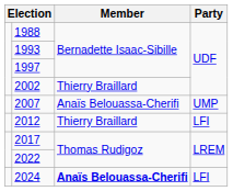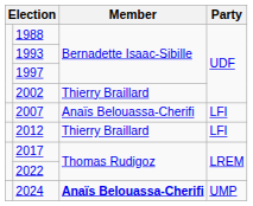 <table class="wikitable">
 <tr>
 <th colspan=2>Election</th>
 <th>Member</th>
 <th>Party</th>
 </tr>
 <tr>
 <td rowspan="4" style="background-color: "></td>
 <td><a href='#'>1988</a></td>
 <td rowspan="3"><a href='#'>Bernadette Isaac-Sibille</a></td>
 <td rowspan="4"><a href='#'>UDF</a></td>
 </tr>
 <tr>
 <td><a href='#'>1993</a></td>
 </tr>
 <tr>
 <td><a href='#'>1997</a></td>
 </tr>
 <tr>
 <td><a href='#'>2002</a></td>
 <td><a href='#'>Thierry Braillard</a></td>
 </tr>
 <tr>
 <td style="background-color: "></td>
 <td><a href='#'>2007</a></td>
 <td><a href='#'>Anaïs Belouassa-Cherifi</a></td>
-<td><a href='#'>UMP</a></td>
+<td><a href='#'>LFI</a></td>
 </tr>
 <tr>
 <td style="background-color: "></td>
 <td><a href='#'>2012</a></td>
 <td><a href='#'>Thierry Braillard</a></td>
 <td><a href='#'>LFI</a></td>
 </tr>
 <tr>
 <td rowspan="2" style="background-color: "></td>
 <td><a href='#'>2017</a></td>
 <td rowspan="2"><a href='#'>Thomas Rudigoz</a></td>
 <td rowspan="2"><a href='#'>LREM</a></td>
 </tr>
 <tr>
 <td><a href='#'>2022</a></td>
 </tr>
 <tr>
 <td style="background-color: "></td>
 <td><a href='#'>2024</a></td>
 <td><strong><a href='#'>Anaïs Belouassa-Cherifi</a></strong></td>
-<td><a href='#'>LFI</a></td>
+<td><a href='#'>UMP</a></td>
 </tr>
 </table>
